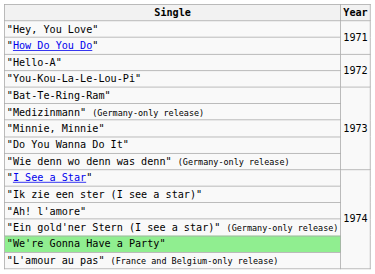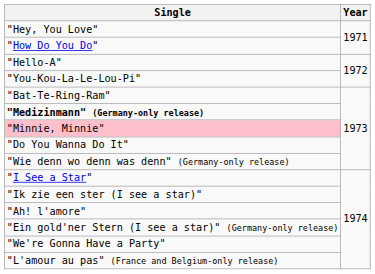 <table class="wikitable">
 <tr>
 <th>Single</th>
 <th>Year</th>
 </tr>
 <tr>
 <td>"Hey, You Love"</td>
 <td rowspan="2">1971</td>
 </tr>
 <tr>
 <td>"<a href='#'>How Do You Do</a>"</td>
 </tr>
 <tr>
 <td>"Hello-A"</td>
 <td rowspan="2">1972</td>
 </tr>
 <tr>
 <td>"You-Kou-La-Le-Lou-Pi"</td>
 </tr>
 <tr>
 <td>"Bat-Te-Ring-Ram"</td>
 <td rowspan="5">1973</td>
 </tr>
 <tr>
-<td>"Medizinmann" <small>(Germany-only release)</small></td>
+<td><strong>"Medizinmann" <small>(Germany-only release)</small></strong></td>
 </tr>
 <tr>
-<td>"Minnie, Minnie"</td>
+<td style="background: pink;">"Minnie, Minnie"</td>
 </tr>
 <tr>
 <td>"Do You Wanna Do It"</td>
 </tr>
 <tr>
 <td>"Wie denn wo denn was denn" <small>(Germany-only release)</small></td>
 </tr>
 <tr>
 <td>"<a href='#'>I See a Star</a>"</td>
 <td rowspan="6">1974</td>
 </tr>
 <tr>
 <td>"Ik zie een ster (I see a star)"</td>
 </tr>
 <tr>
 <td>"Ah! l'amore"</td>
 </tr>
 <tr>
 <td>"Ein gold'ner Stern (I see a star)" <small>(Germany-only release)</small></td>
 </tr>
 <tr>
-<td style="background: lightgreen;">"We're Gonna Have a Party"</td>
+<td>"We're Gonna Have a Party"</td>
 </tr>
 <tr>
 <td>"L'amour au pas" <small>(France and Belgium-only release)</small></td>
 </tr>
 </table>
